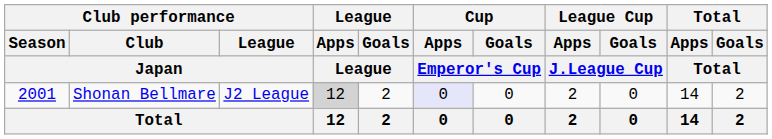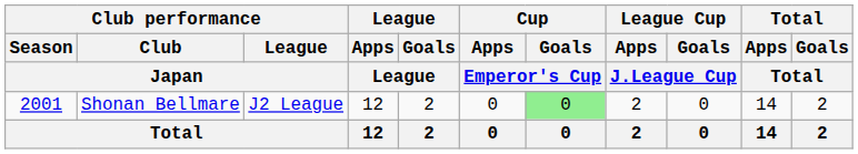 <table class="wikitable" style="text-align:center;">
 <tr>
 <th colspan=3>Club performance</th>
 <th colspan=2>League</th>
 <th colspan=2>Cup</th>
 <th colspan=2>League Cup</th>
 <th colspan=2>Total</th>
 </tr>
 <tr>
 <th>Season</th>
 <th>Club</th>
 <th>League</th>
 <th>Apps</th>
 <th>Goals</th>
 <th>Apps</th>
 <th>Goals</th>
 <th>Apps</th>
 <th>Goals</th>
 <th>Apps</th>
 <th>Goals</th>
 </tr>
 <tr>
 <th colspan=3>Japan</th>
 <th colspan=2>League</th>
 <th colspan=2><a href='#'>Emperor's Cup</a></th>
 <th colspan=2><a href='#'>J.League Cup</a></th>
 <th colspan=2>Total</th>
 </tr>
 <tr>
 <td><a href='#'>2001</a></td>
 <td><a href='#'>Shonan Bellmare</a></td>
 <td><a href='#'>J2 League</a></td>
-<td style="background: lightgrey;">12</td>
+<td>12</td>
 <td>2</td>
-<td style="background: lavender;">0</td>
 <td>0</td>
+<td style="background: lightgreen;">0</td>
 <td>2</td>
 <td>0</td>
 <td>14</td>
 <td>2</td>
 </tr>
 <tr>
 <th colspan=3>Total</th>
 <th>12</th>
 <th>2</th>
 <th>0</th>
 <th>0</th>
 <th>2</th>
 <th>0</th>
 <th>14</th>
 <th>2</th>
 </tr>
 </table>
